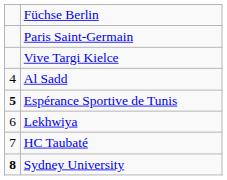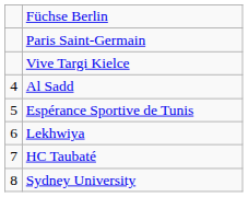 <table class="wikitable" width="260px">
 <tr>
 <td align=center></td>
 <td> <a href='#'>Füchse Berlin</a></td>
 </tr>
 <tr>
 <td align=center></td>
 <td> <a href='#'>Paris Saint-Germain</a></td>
 </tr>
 <tr>
 <td align=center></td>
 <td> <a href='#'>Vive Targi Kielce</a></td>
 </tr>
 <tr>
 <td align=center>4</td>
 <td> <a href='#'>Al Sadd</a></td>
 </tr>
 <tr>
-<td align=center><strong>5</strong></td>
+<td align=center>5</td>
 <td> <a href='#'>Espérance Sportive de Tunis</a></td>
 </tr>
 <tr>
 <td align=center>6</td>
 <td> <a href='#'>Lekhwiya</a></td>
 </tr>
 <tr>
 <td align=center>7</td>
 <td> <a href='#'>HC Taubaté</a></td>
 </tr>
 <tr>
-<td align=center><strong>8</strong></td>
+<td align=center>8</td>
 <td> <a href='#'>Sydney University</a></td>
 </tr>
 </table>
